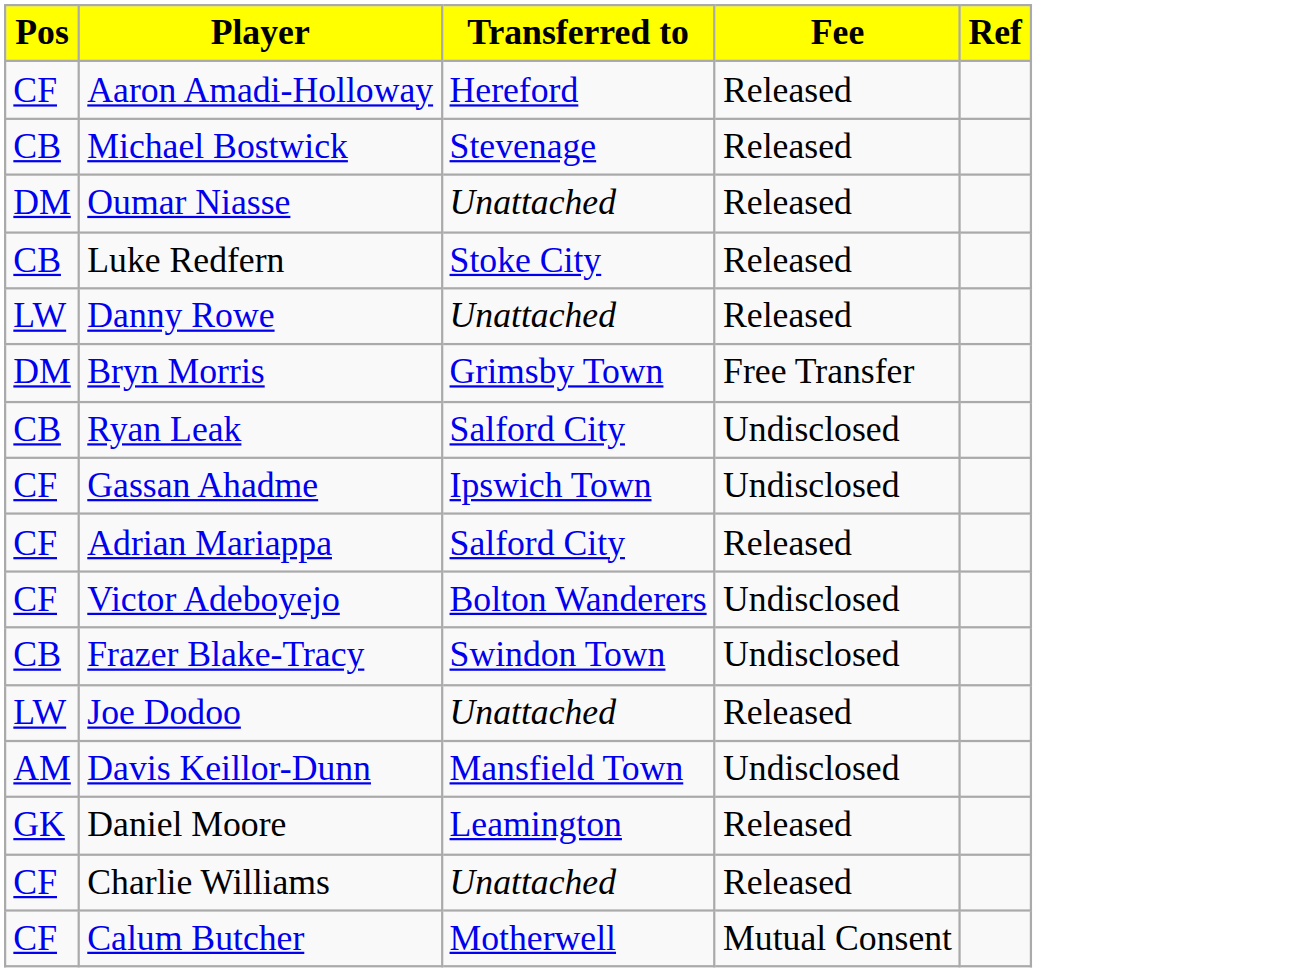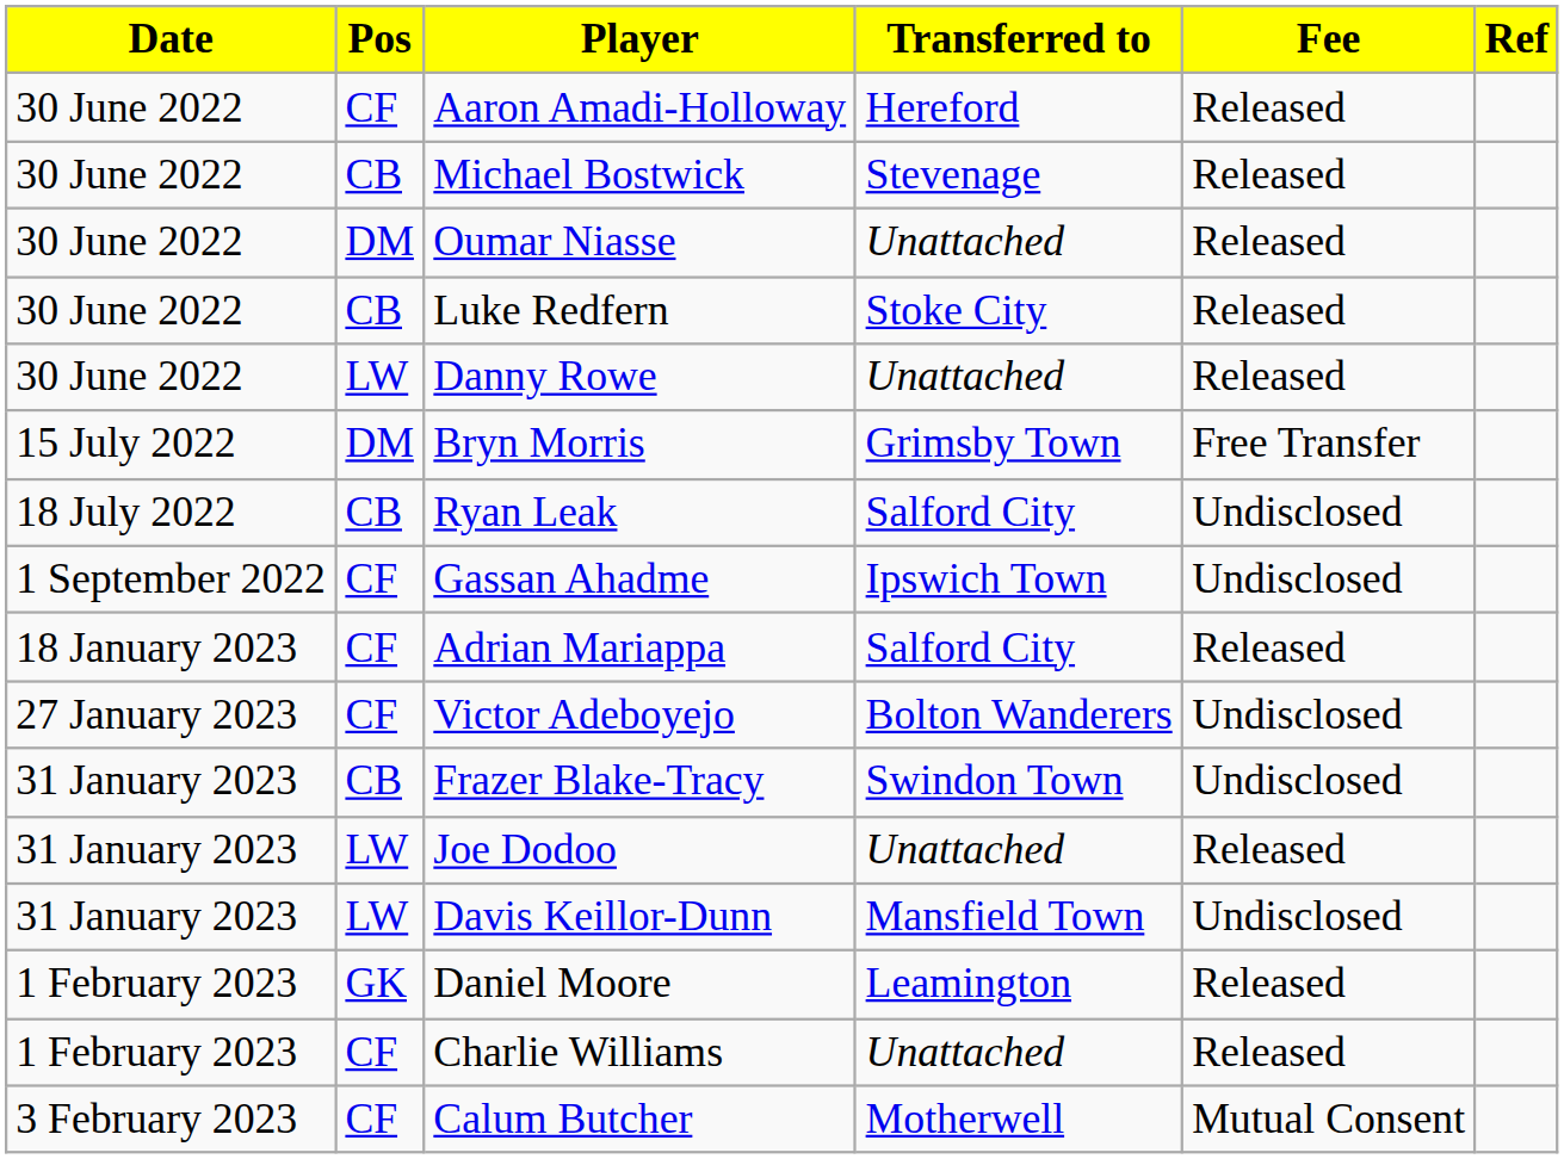 <table class="wikitable plainrowheaders sortable">
 <tr>
+<th style="background-color:#FFFF00; color:#000000; ">Date</th>
 <th style="background-color:#FFFF00; color:#000000; ">Pos</th>
 <th style="background-color:#FFFF00; color:#000000; ">Player</th>
 <th style="background-color:#FFFF00; color:#000000; ">Transferred to</th>
 <th style="background-color:#FFFF00; color:#000000; ">Fee</th>
 <th style="background-color:#FFFF00; color:#000000; ">Ref</th>
 </tr>
 <tr>
+<td>30 June 2022</td>
 <td><a href='#'>CF</a></td>
 <td> <a href='#'>Aaron Amadi-Holloway</a></td>
 <td> <a href='#'>Hereford</a></td>
 <td>Released</td>
 <td></td>
 </tr>
 <tr>
+<td>30 June 2022</td>
 <td><a href='#'>CB</a></td>
 <td> <a href='#'>Michael Bostwick</a></td>
 <td> <a href='#'>Stevenage</a></td>
 <td>Released</td>
 <td></td>
 </tr>
 <tr>
+<td>30 June 2022</td>
 <td><a href='#'>DM</a></td>
 <td> <a href='#'>Oumar Niasse</a></td>
 <td> <em>Unattached</em></td>
 <td>Released</td>
 <td></td>
 </tr>
 <tr>
+<td>30 June 2022</td>
 <td><a href='#'>CB</a></td>
 <td> Luke Redfern</td>
 <td> <a href='#'>Stoke City</a></td>
 <td>Released</td>
 <td></td>
 </tr>
 <tr>
+<td>30 June 2022</td>
 <td><a href='#'>LW</a></td>
 <td> <a href='#'>Danny Rowe</a></td>
 <td> <em>Unattached</em></td>
 <td>Released</td>
 <td></td>
 </tr>
 <tr>
+<td>15 July 2022</td>
 <td><a href='#'>DM</a></td>
 <td> <a href='#'>Bryn Morris</a></td>
 <td> <a href='#'>Grimsby Town</a></td>
 <td>Free Transfer</td>
 <td></td>
 </tr>
 <tr>
+<td>18 July 2022</td>
 <td><a href='#'>CB</a></td>
 <td> <a href='#'>Ryan Leak</a></td>
 <td> <a href='#'>Salford City</a></td>
 <td>Undisclosed</td>
 <td></td>
 </tr>
 <tr>
+<td>1 September 2022</td>
 <td><a href='#'>CF</a></td>
 <td> <a href='#'>Gassan Ahadme</a></td>
 <td> <a href='#'>Ipswich Town</a></td>
 <td>Undisclosed</td>
 <td></td>
 </tr>
 <tr>
+<td>18 January 2023</td>
 <td><a href='#'>CF</a></td>
 <td> <a href='#'>Adrian Mariappa</a></td>
 <td> <a href='#'>Salford City</a></td>
 <td>Released</td>
 <td></td>
 </tr>
 <tr>
+<td>27 January 2023</td>
 <td><a href='#'>CF</a></td>
 <td> <a href='#'>Victor Adeboyejo</a></td>
 <td> <a href='#'>Bolton Wanderers</a></td>
 <td>Undisclosed</td>
 <td></td>
 </tr>
 <tr>
+<td>31 January 2023</td>
 <td><a href='#'>CB</a></td>
 <td> <a href='#'>Frazer Blake-Tracy</a></td>
 <td> <a href='#'>Swindon Town</a></td>
 <td>Undisclosed</td>
 <td></td>
 </tr>
 <tr>
+<td>31 January 2023</td>
 <td><a href='#'>LW</a></td>
 <td> <a href='#'>Joe Dodoo</a></td>
 <td> <em>Unattached</em></td>
 <td>Released</td>
 <td></td>
 </tr>
 <tr>
-<td><a href='#'>AM</a></td>
+<td>31 January 2023</td>
+<td><a href='#'>LW</a></td>
 <td> <a href='#'>Davis Keillor-Dunn</a></td>
 <td> <a href='#'>Mansfield Town</a></td>
 <td>Undisclosed</td>
 <td></td>
 </tr>
 <tr>
+<td>1 February 2023</td>
 <td><a href='#'>GK</a></td>
 <td> Daniel Moore</td>
 <td> <a href='#'>Leamington</a></td>
 <td>Released</td>
 <td></td>
 </tr>
 <tr>
+<td>1 February 2023</td>
 <td><a href='#'>CF</a></td>
 <td> Charlie Williams</td>
 <td> <em>Unattached</em></td>
 <td>Released</td>
 <td></td>
 </tr>
 <tr>
+<td>3 February 2023</td>
 <td><a href='#'>CF</a></td>
 <td> <a href='#'>Calum Butcher</a></td>
 <td> <a href='#'>Motherwell</a></td>
 <td>Mutual Consent</td>
 <td></td>
 </tr>
 </table>
